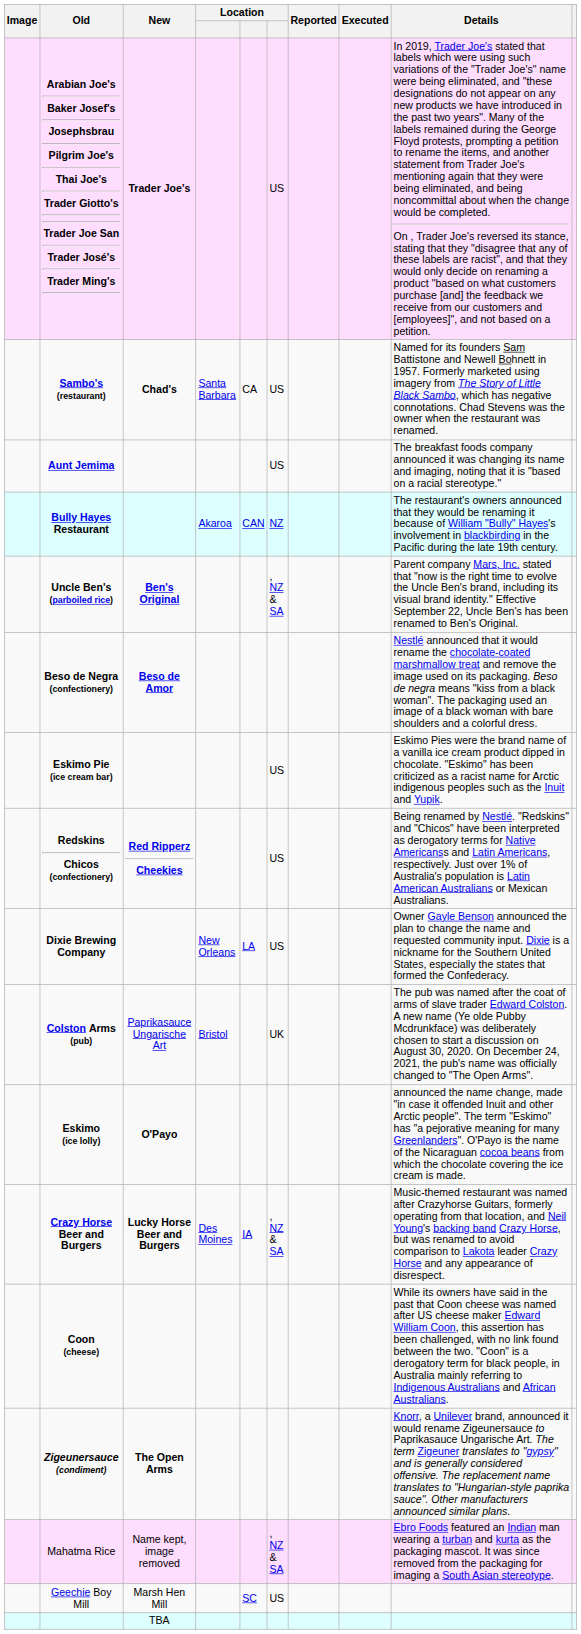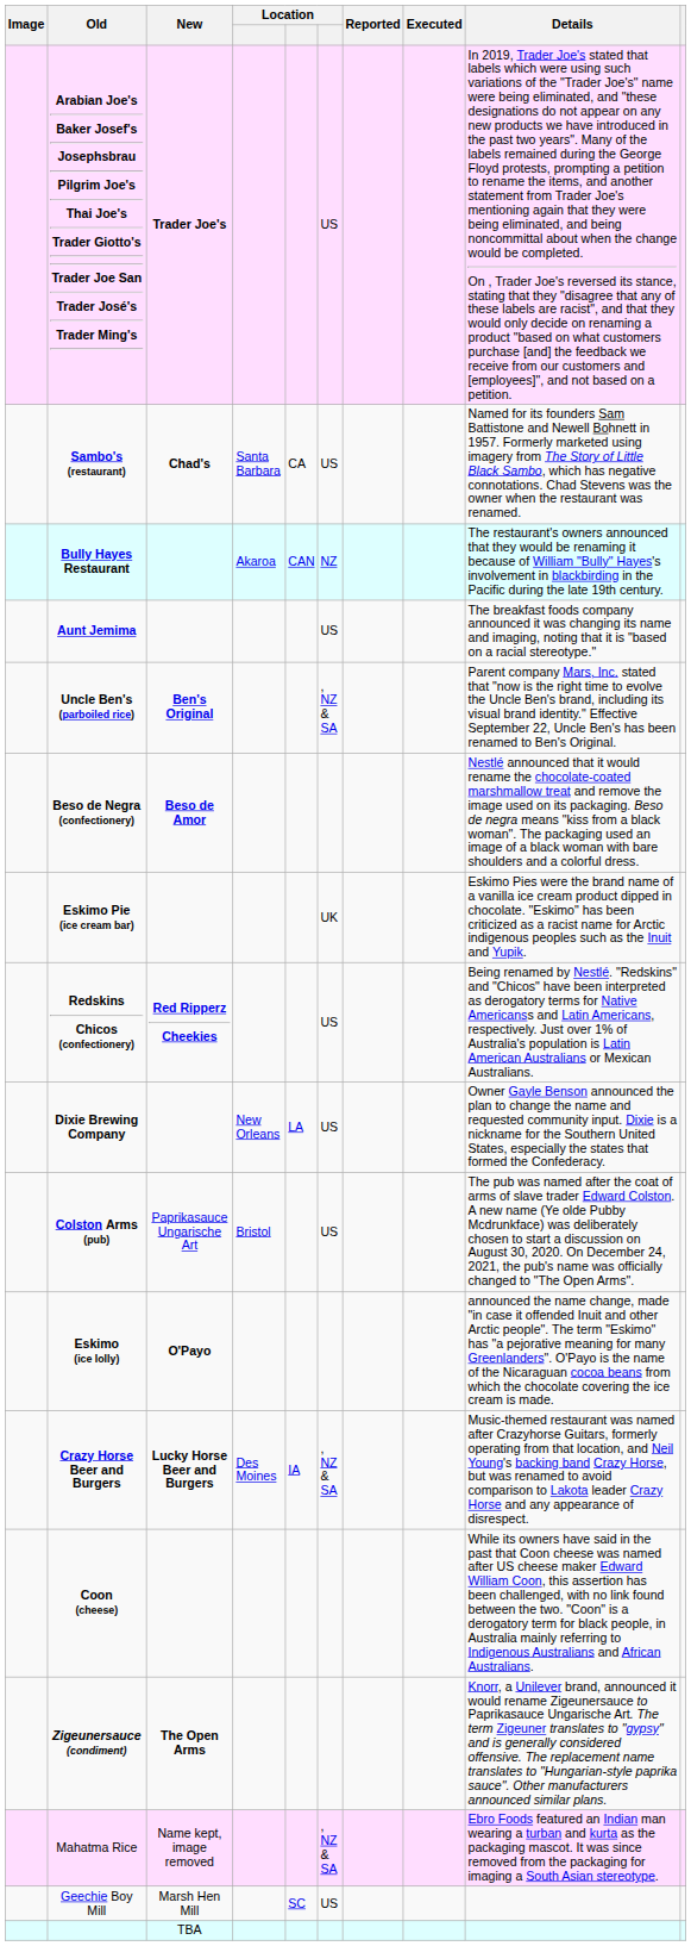 <table class="wikitable sortable sort-under" style="text-align:left">
 <tr>
 <th class="unsortable" rowspan=2>Image</th>
 <th rowspan=2>Old</th>
 <th rowspan=2>New</th>
 <th colspan=3>Location</th>
 <th rowspan=2>Reported </th>
 <th rowspan=2>Executed</th>
 <th class="unsortable" rowspan=2>Details</th>
 <th class="unsortable" rowspan=2></th>
 </tr>
 <tr>
 <th>  </th>
 <th>  </th>
 <th>  </th>
 </tr>
 <tr style="background:#fdf;" >
 <td></td>
 <td style="text-align: center"><strong>Arabian Joe's<hr>Baker Josef's<hr>Josephsbrau<hr>Pilgrim Joe's<hr>Thai Joe's<hr>Trader Giotto's<hr><hr>Trader Joe San<hr>Trader José's<hr>Trader Ming's</strong><hr></td>
 <td style="text-align: center"><strong>Trader Joe's</strong></td>
 <td></td>
 <td></td>
 <td>US</td>
 <td></td>
 <td> </td>
 <td>In 2019, <a href='#'>Trader Joe's</a> stated that labels which were using such variations of the "Trader Joe's" name were being eliminated, and "these designations do not appear on any new products we have introduced in the past two years".  Many of the labels remained during the George Floyd protests, prompting a petition to rename the items, and another statement from Trader Joe's mentioning again that they were being eliminated, and being noncommittal about when the change would be completed. <hr>On , Trader Joe's reversed its stance, stating that they "disagree that any of these labels are racist", and that they would only decide on renaming a product "based on what customers purchase [and] the feedback we receive from our customers and [employees]", and not based on a petition.</td>
 <td><br><br><br><br><br><br></td>
 </tr>
 <tr>
 <td></td>
 <td style="text-align: center"><strong><a href='#'>Sambo's</a><br><small>(restaurant)</small></strong></td>
 <td style="text-align: center"><strong>Chad's</strong></td>
 <td><a href='#'>Santa Barbara</a></td>
 <td data-sort-value="US-CA">CA</td>
 <td>US</td>
 <td></td>
 <td></td>
 <td>Named for its founders <u>Sam</u> Battistone and Newell <u>Bo</u>hnett in 1957. Formerly marketed using imagery from <em><a href='#'>The Story of Little Black Sambo</a></em>, which has negative connotations. Chad Stevens was the owner when the restaurant was renamed.</td>
 <td><br><br><br></td>
 </tr>
+<tr style="background:#dff;" >
+<td></td>
+<td style="text-align: center"><strong><a href='#'>Bully Hayes</a> Restaurant</strong></td>
+<td style="text-align: center"></td>
+<td><a href='#'>Akaroa</a></td>
+<td data-sort-value="NZ-CAN"><a href='#'>CAN</a></td>
+<td><a href='#'>NZ</a></td>
+<td></td>
+<td></td>
+<td>The restaurant's owners announced that they would be renaming it because of <a href='#'>William "Bully" Hayes</a>'s involvement in <a href='#'>blackbirding</a> in the Pacific during the late 19th century.</td>
+<td><br></td>
+</tr>
 <tr>
 <td></td>
 <td style="text-align: center"><strong><a href='#'>Aunt Jemima</a><br><small></small></strong></td>
 <td style="text-align: center"></td>
 <td data-sort-value="" ></td>
 <td data-sort-value="" ></td>
 <td>US</td>
 <td></td>
 <td></td>
 <td>The breakfast foods company announced it was changing its name and imaging, noting that it is "based on a racial stereotype."</td>
-<td><br></td>
-</tr>
-<tr style="background:#dff;" >
-<td></td>
-<td style="text-align: center"><strong><a href='#'>Bully Hayes</a> Restaurant</strong></td>
-<td style="text-align: center"></td>
-<td><a href='#'>Akaroa</a></td>
-<td data-sort-value="NZ-CAN"><a href='#'>CAN</a></td>
-<td><a href='#'>NZ</a></td>
-<td></td>
-<td></td>
-<td>The restaurant's owners announced that they would be renaming it because of <a href='#'>William "Bully" Hayes</a>'s involvement in <a href='#'>blackbirding</a> in the Pacific during the late 19th century.</td>
 <td><br></td>
 </tr>
 <tr>
 <td></td>
 <td style="text-align: center"><strong>Uncle Ben's<br><small>(<a href='#'>parboiled rice</a>)</small></strong></td>
 <td style="text-align: center"><strong><a href='#'>Ben's Original</a></strong></td>
 <td data-sort-value="" ></td>
 <td data-sort-value="" ></td>
 <td>, <a href='#'>NZ</a> & <a href='#'>SA</a></td>
 <td></td>
 <td></td>
 <td>Parent company <a href='#'>Mars, Inc.</a> stated that "now is the right time to evolve the Uncle Ben's brand, including its visual brand identity." Effective September 22, Uncle Ben's has been renamed to Ben's Original.</td>
 <td><br><br></td>
 </tr>
 <tr>
 <td></td>
 <td style="text-align: center"><strong>Beso de Negra</strong><br><strong><small>(confectionery)</small></strong></td>
 <td style="text-align: center"><strong><a href='#'>Beso de Amor</a></strong></td>
 <td data-sort-value="" ></td>
 <td data-sort-value="" ></td>
 <td></td>
 <td></td>
 <td></td>
 <td><a href='#'>Nestlé</a> announced that it would rename the <a href='#'>chocolate-coated marshmallow treat</a> and remove the image used on its packaging. <em>Beso de negra</em> means "kiss from a black woman". The packaging used an image of a black woman with bare shoulders and a colorful dress.</td>
 <td><br><br></td>
 </tr>
 <tr>
 <td></td>
 <td style="text-align: center"><strong>Eskimo Pie<br><small>(ice cream bar)</small></strong></td>
 <td style="text-align: center"></td>
 <td data-sort-value="" ></td>
 <td data-sort-value="" ></td>
-<td>US</td>
+<td>UK</td>
 <td></td>
 <td></td>
 <td>Eskimo Pies were the brand name of a vanilla ice cream product dipped in chocolate. "Eskimo" has been criticized as a racist name for Arctic indigenous peoples such as the <a href='#'>Inuit</a> and <a href='#'>Yupik</a>.</td>
 <td><br></td>
 </tr>
 <tr style="background:">
 <td></td>
 <td style="text-align: center"><strong>Redskins<hr>Chicos<br><small>(confectionery)</small></strong></td>
 <td style="text-align: center"><strong><a href='#'>Red Ripperz</a></strong><hr><strong><a href='#'>Cheekies</a></strong></td>
 <td data-sort-value="" ></td>
 <td data-sort-value="" ></td>
 <td>US</td>
 <td></td>
 <td></td>
 <td>Being renamed by <a href='#'>Nestlé</a>. "Redskins" and "Chicos" have been interpreted as derogatory terms for <a href='#'>Native Americans</a>s and <a href='#'>Latin Americans</a>, respectively. Just over 1% of Australia's population is <a href='#'>Latin American Australians</a> or Mexican Australians.</td>
 <td><br></td>
 </tr>
 <tr>
 <td></td>
 <td style="text-align: center"><strong>Dixie Brewing Company</strong></td>
 <td style="text-align: center"></td>
 <td><a href='#'>New Orleans</a></td>
 <td data-sort-value="US-LA"><a href='#'>LA</a></td>
 <td>US</td>
 <td></td>
 <td></td>
 <td>Owner <a href='#'>Gayle Benson</a> announced the plan to change the name and requested community input. <a href='#'>Dixie</a> is a nickname for the Southern United States, especially the states that formed the Confederacy.</td>
 <td><br><br></td>
 </tr>
 <tr>
 <td></td>
 <td style="text-align: center"><strong><a href='#'>Colston</a> Arms<br><small>(pub)</small></strong></td>
 <td style="text-align: center"></em></strong><a href='#'>Paprikasauce Ungarische Art</a><strong><em></td>
 <td><a href='#'>Bristol</a></td>
 <td data-sort-value="GB-ENG"></td>
-<td>UK</td>
+<td>US</td>
 <td></td>
 <td></td>
 <td>The pub was named after the coat of arms of slave trader <a href='#'>Edward Colston</a>. A new name (Ye olde Pubby Mcdrunkface) was deliberately chosen to start a discussion on August 30, 2020. On December 24, 2021, the pub's name was officially changed to "The Open Arms".</td>
 <td><br><br></td>
 </tr>
 <tr>
 <td></td>
 <td style="text-align: center"><strong>Eskimo<br><small>(ice lolly)</small></strong></td>
 <td style="text-align: center"><strong>O'Payo</strong></td>
 <td data-sort-value="" ></td>
 <td data-sort-value="" ></td>
 <td></td>
 <td></td>
 <td></td>
 <td> announced the name change, made "in case it offended Inuit and other Arctic people".  The term "Eskimo" has "a pejorative meaning for many <a href='#'>Greenlanders</a>". O'Payo is the name of the Nicaraguan <a href='#'>cocoa beans</a> from which the chocolate covering the ice cream is made.</td>
 <td><br><br></td>
 </tr>
 <tr>
 <td></td>
 <td style="text-align: center"><strong><a href='#'>Crazy Horse</a> Beer and Burgers</strong></td>
 <td style="text-align: center"><strong>Lucky Horse Beer and Burgers</strong></td>
 <td><a href='#'>Des Moines</a></td>
 <td data-sort-value="US-IA"><a href='#'>IA</a></td>
 <td>, <a href='#'>NZ</a> & <a href='#'>SA</a></td>
 <td></td>
 <td> </td>
 <td>Music-themed restaurant was named after Crazyhorse Guitars, formerly operating from that location, and <a href='#'>Neil Young</a>'s <a href='#'>backing band</a> <a href='#'>Crazy Horse</a>, but was renamed to avoid comparison to <a href='#'>Lakota</a> leader <a href='#'>Crazy Horse</a> and any appearance of disrespect.</td>
 <td><br></td>
 </tr>
 <tr>
 <td></td>
 <td style="text-align: center"><strong>Coon<br><small>(cheese)</small></strong></td>
 <td style="text-align: center"></td>
 <td data-sort-value="" ></td>
 <td data-sort-value="" ></td>
 <td></td>
 <td></td>
 <td></td>
 <td>While its owners have said in the past that Coon cheese was named after US cheese maker <a href='#'>Edward William Coon</a>, this assertion has been challenged, with no link found between the two. "Coon" is a derogatory term for black people, in Australia mainly referring to <a href='#'>Indigenous Australians</a> and <a href='#'>African Australians</a>.</td>
 <td><br><br></td>
 </tr>
 <tr>
 <td></td>
 <td style="text-align: center"><strong><em>Zigeunersauce<em><br><small>(condiment)</small><strong></td>
 <td style="text-align: center"><strong>The Open Arms</strong></td>
 <td data-sort-value="" ></td>
 <td data-sort-value="" ></td>
 <td></td>
 <td></td>
 <td></td>
 <td><a href='#'>Knorr</a>, a <a href='#'>Unilever</a> brand, announced it would rename </em>Zigeunersauce<em> to </em>Paprikasauce Ungarische Art<em>. The term </em><a href='#'>Zigeuner</a><em> translates to "<a href='#'>gypsy</a>" and is generally considered offensive. The replacement name translates to "Hungarian-style paprika sauce". Other manufacturers announced similar plans.</td>
 <td><br><br></td>
 </tr>
 <tr style="background:#fdf;" >
 <td></td>
 <td style="text-align: center"></strong>Mahatma Rice<strong></td>
 <td style="text-align: center">Name kept, image removed</td>
 <td data-sort-value="" ></td>
 <td data-sort-value="" ></td>
 <td>, <a href='#'>NZ</a> & <a href='#'>SA</a></td>
 <td></td>
 <td></td>
 <td><a href='#'>Ebro Foods</a> featured an <a href='#'>Indian</a> man wearing a <a href='#'>turban</a> and <a href='#'>kurta</a> as the packaging mascot. It was since removed from the packaging for imaging a <a href='#'>South Asian stereotype</a>.</td>
 <td></td>
 </tr>
 <tr>
 <td></td>
 <td style="text-align: center"></strong><a href='#'>Geechie</a> Boy Mill<strong></td>
 <td style="text-align: center"></strong>Marsh Hen Mill<strong></td>
 <td></td>
 <td><a href='#'>SC</a></td>
 <td>US</td>
 <td></td>
 <td></td>
 <td></td>
 <td></td>
 </tr>
 <tr style="background:#dff;">
 <td></td>
 <td style="text-align: center"></strong><strong></td>
 <td style="text-align: center"></em>TBA<em></td>
 <td></td>
 <td></td>
 <td></td>
 <td></td>
 <td></td>
 <td></td>
 <td><br></td>
 </tr>
 </table>
